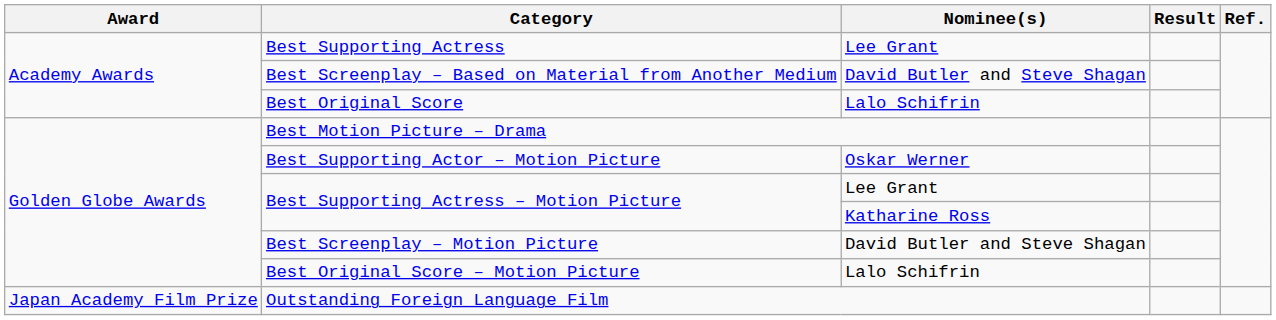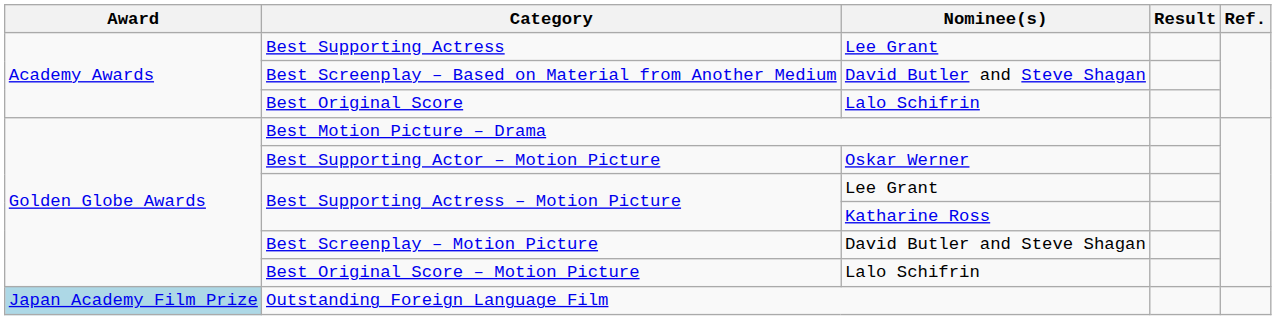 <table class="wikitable plainrowheaders">
 <tr>
 <th>Award</th>
 <th>Category</th>
 <th>Nominee(s)</th>
 <th>Result</th>
 <th>Ref.</th>
 </tr>
 <tr>
 <td rowspan="3"><a href='#'>Academy Awards</a></td>
 <td><a href='#'>Best Supporting Actress</a></td>
 <td><a href='#'>Lee Grant</a></td>
 <td></td>
 <td align="center" rowspan="3"></td>
 </tr>
 <tr>
 <td><a href='#'>Best Screenplay – Based on Material from Another Medium</a></td>
 <td><a href='#'>David Butler</a> and <a href='#'>Steve Shagan</a></td>
 <td></td>
 </tr>
 <tr>
 <td><a href='#'>Best Original Score</a></td>
 <td><a href='#'>Lalo Schifrin</a></td>
 <td></td>
 </tr>
 <tr>
 <td rowspan="6"><a href='#'>Golden Globe Awards</a></td>
 <td colspan="2"><a href='#'>Best Motion Picture – Drama</a></td>
 <td></td>
 <td align="center" rowspan="6"></td>
 </tr>
 <tr>
 <td><a href='#'>Best Supporting Actor – Motion Picture</a></td>
 <td><a href='#'>Oskar Werner</a></td>
 <td></td>
 </tr>
 <tr>
 <td rowspan="2"><a href='#'>Best Supporting Actress – Motion Picture</a></td>
 <td>Lee Grant</td>
 <td></td>
 </tr>
 <tr>
 <td><a href='#'>Katharine Ross</a></td>
 <td></td>
 </tr>
 <tr>
 <td><a href='#'>Best Screenplay – Motion Picture</a></td>
 <td>David Butler and Steve Shagan</td>
 <td></td>
 </tr>
 <tr>
 <td><a href='#'>Best Original Score – Motion Picture</a></td>
 <td>Lalo Schifrin</td>
 <td></td>
 </tr>
 <tr>
-<td><a href='#'>Japan Academy Film Prize</a></td>
+<td style="background: lightblue;"><a href='#'>Japan Academy Film Prize</a></td>
 <td colspan="2"><a href='#'>Outstanding Foreign Language Film</a></td>
 <td></td>
 <td align="center"></td>
 </tr>
 </table>
